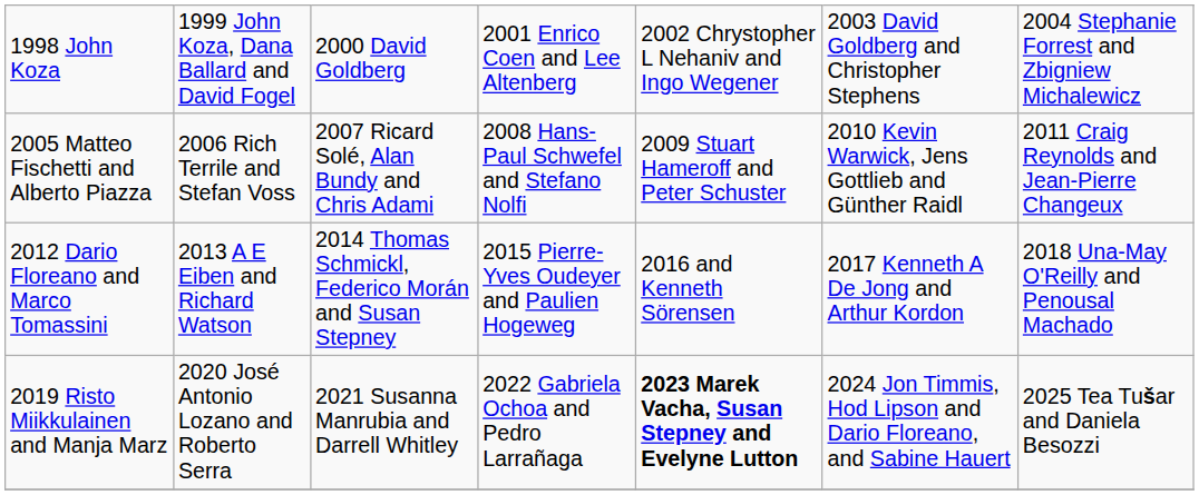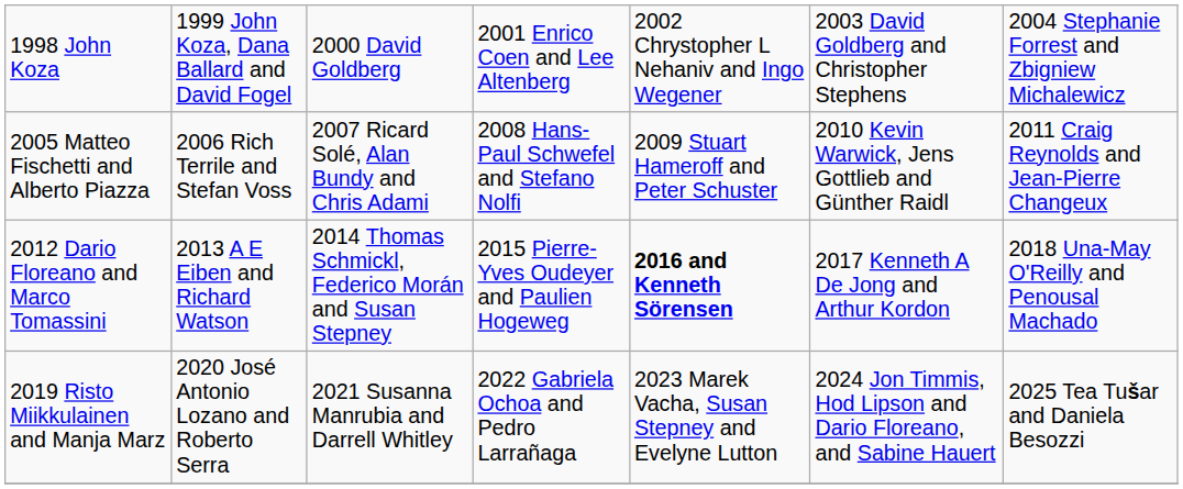 <table class="wikitable">
 <tr>
 <td>1998 <a href='#'>John Koza</a></td>
 <td>1999 <a href='#'>John Koza</a>, <a href='#'>Dana Ballard</a> and <a href='#'>David Fogel</a></td>
 <td>2000 <a href='#'>David Goldberg</a></td>
 <td>2001 <a href='#'>Enrico Coen</a> and <a href='#'>Lee Altenberg</a></td>
 <td>2002 Chrystopher L Nehaniv and <a href='#'>Ingo Wegener</a></td>
 <td>2003 <a href='#'>David Goldberg</a> and Christopher Stephens</td>
 <td>2004 <a href='#'>Stephanie Forrest</a> and <a href='#'>Zbigniew Michalewicz</a></td>
 </tr>
 <tr>
 <td>2005 Matteo Fischetti and Alberto Piazza</td>
 <td>2006 Rich Terrile and Stefan Voss</td>
 <td>2007 Ricard Solé, <a href='#'>Alan Bundy</a> and <a href='#'>Chris Adami</a></td>
 <td>2008 <a href='#'>Hans-Paul Schwefel</a> and <a href='#'>Stefano Nolfi</a></td>
 <td>2009 <a href='#'>Stuart Hameroff</a> and <a href='#'>Peter Schuster</a></td>
 <td>2010 <a href='#'>Kevin Warwick</a>, Jens Gottlieb and Günther Raidl</td>
 <td>2011 <a href='#'>Craig Reynolds</a> and <a href='#'>Jean-Pierre Changeux</a></td>
 </tr>
 <tr>
 <td>2012 <a href='#'>Dario Floreano</a> and <a href='#'>Marco Tomassini</a></td>
 <td>2013 <a href='#'>A E Eiben</a>  and <a href='#'>Richard Watson</a></td>
 <td>2014 <a href='#'>Thomas Schmickl</a>, <a href='#'>Federico Morán</a> and <a href='#'>Susan Stepney</a></td>
 <td>2015 <a href='#'>Pierre-Yves Oudeyer</a> and <a href='#'>Paulien Hogeweg</a></td>
-<td>2016   and <a href='#'>Kenneth Sörensen</a></td>
+<td><strong>2016   and <a href='#'>Kenneth Sörensen</a></strong></td>
 <td>2017 <a href='#'>Kenneth A De Jong</a> and <a href='#'>Arthur Kordon</a></td>
 <td>2018 <a href='#'>Una-May O'Reilly</a> and <a href='#'>Penousal Machado</a></td>
 </tr>
 <tr>
 <td>2019 <a href='#'>Risto Miikkulainen</a> and Manja Marz</td>
 <td>2020 José Antonio Lozano and Roberto Serra</td>
 <td>2021 Susanna Manrubia and Darrell Whitley</td>
 <td>2022 <a href='#'>Gabriela Ochoa</a> and Pedro Larrañaga</td>
-<td><strong>2023 Marek Vacha, <a href='#'>Susan Stepney</a> and Evelyne Lutton</strong></td>
+<td>2023 Marek Vacha, <a href='#'>Susan Stepney</a> and Evelyne Lutton</td>
 <td>2024 <a href='#'>Jon Timmis</a>, <a href='#'>Hod Lipson</a> and <a href='#'>Dario Floreano</a>, and <a href='#'>Sabine Hauert</a></td>
 <td>2025 Tea Tu<strong>š</strong>ar and Daniela Besozzi</td>
 </tr>
 <tr>
 </tr>
 </table>
